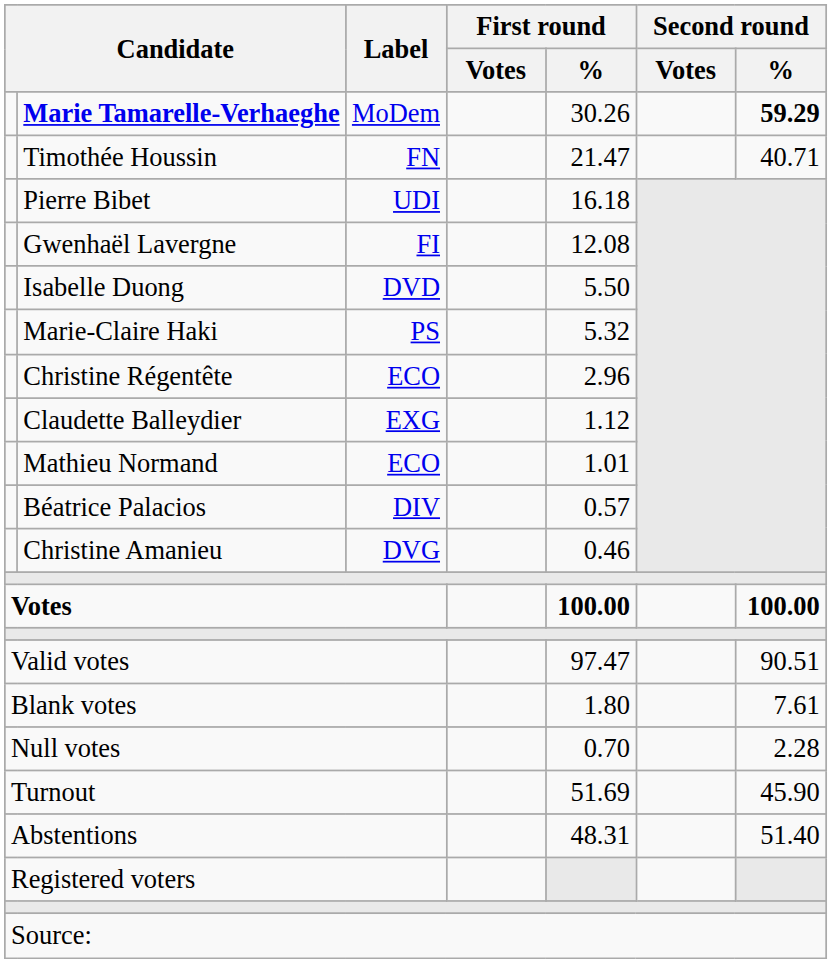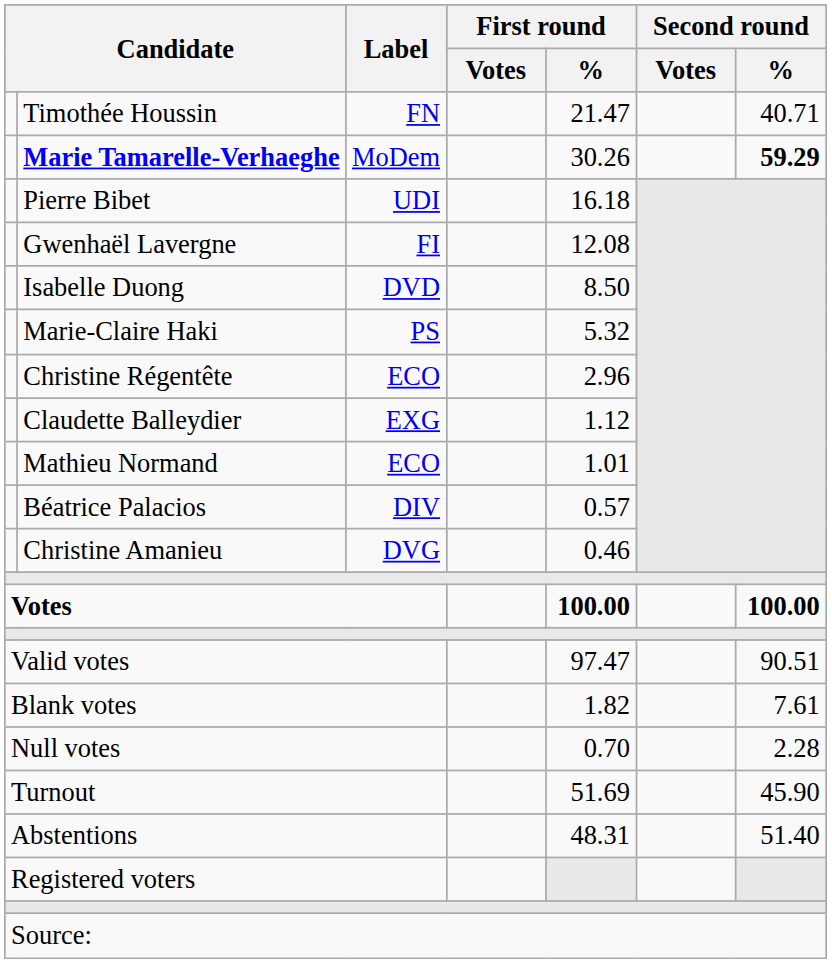 <table class="wikitable" style="text-align:right;font-size:95%;">
 <tr>
 <th rowspan="2" colspan="2">Candidate</th>
 <th rowspan="2">Label</th>
 <th colspan="2">First round</th>
 <th colspan="2">Second round</th>
 </tr>
 <tr>
 <th style="width:50px;">Votes</th>
 <th style="width:45px;">%</th>
 <th style="width:50px;">Votes</th>
 <th style="width:45px;">%</th>
 </tr>
 <tr>
 <td style="color:inherit;background:"></td>
+<td style="text-align:left;">Timothée Houssin</td>
+<td><a href='#'>FN</a></td>
+<td></td>
+<td>21.47</td>
+<td></td>
+<td>40.71</td>
+</tr>
+<tr>
+<td style="color:inherit;background:"></td>
 <td style="text-align:left;"><strong><a href='#'>Marie Tamarelle-Verhaeghe</a></strong></td>
 <td><a href='#'>MoDem</a></td>
 <td></td>
 <td>30.26</td>
 <td><strong></strong></td>
 <td><strong>59.29</strong></td>
-</tr>
-<tr>
-<td style="color:inherit;background:"></td>
-<td style="text-align:left;">Timothée Houssin</td>
-<td><a href='#'>FN</a></td>
-<td></td>
-<td>21.47</td>
-<td></td>
-<td>40.71</td>
 </tr>
 <tr>
 <td style="color:inherit;background:"></td>
 <td style="text-align:left;">Pierre Bibet</td>
 <td><a href='#'>UDI</a></td>
 <td></td>
 <td>16.18</td>
 <td colspan="2" rowspan="9" style="background:#E9E9E9;"></td>
 </tr>
 <tr>
 <td style="color:inherit;background:"></td>
 <td style="text-align:left;">Gwenhaël Lavergne</td>
 <td><a href='#'>FI</a></td>
 <td></td>
 <td>12.08</td>
 </tr>
 <tr>
 <td style="color:inherit;background:"></td>
 <td style="text-align:left;">Isabelle Duong</td>
 <td><a href='#'>DVD</a></td>
 <td></td>
-<td>5.50</td>
+<td>8.50</td>
 </tr>
 <tr>
 <td style="color:inherit;background:"></td>
 <td style="text-align:left;">Marie-Claire Haki</td>
 <td><a href='#'>PS</a></td>
 <td></td>
 <td>5.32</td>
 </tr>
 <tr>
 <td style="color:inherit;background:"></td>
 <td style="text-align:left;">Christine Régentête</td>
 <td><a href='#'>ECO</a></td>
 <td></td>
 <td>2.96</td>
 </tr>
 <tr>
 <td style="color:inherit;background:"></td>
 <td style="text-align:left;">Claudette Balleydier</td>
 <td><a href='#'>EXG</a></td>
 <td></td>
 <td>1.12</td>
 </tr>
 <tr>
 <td style="color:inherit;background:"></td>
 <td style="text-align:left;">Mathieu Normand</td>
 <td><a href='#'>ECO</a></td>
 <td></td>
 <td>1.01</td>
 </tr>
 <tr>
 <td style="color:inherit;background:"></td>
 <td style="text-align:left;">Béatrice Palacios</td>
 <td><a href='#'>DIV</a></td>
 <td></td>
 <td>0.57</td>
 </tr>
 <tr>
 <td style="color:inherit;background:"></td>
 <td style="text-align:left;">Christine Amanieu</td>
 <td><a href='#'>DVG</a></td>
 <td></td>
 <td>0.46</td>
 </tr>
 <tr>
 <td colspan="7" style="background:#E9E9E9;"></td>
 </tr>
 <tr style="font-weight:bold;">
 <td colspan="3" style="text-align:left;">Votes</td>
 <td></td>
 <td>100.00</td>
 <td></td>
 <td>100.00</td>
 </tr>
 <tr>
 <td colspan="7" style="background:#E9E9E9;"></td>
 </tr>
 <tr>
 <td colspan="3" style="text-align:left;">Valid votes</td>
 <td></td>
 <td>97.47</td>
 <td></td>
 <td>90.51</td>
 </tr>
 <tr>
 <td colspan="3" style="text-align:left;">Blank votes</td>
 <td></td>
-<td>1.80</td>
+<td>1.82</td>
 <td></td>
 <td>7.61</td>
 </tr>
 <tr>
 <td colspan="3" style="text-align:left;">Null votes</td>
 <td></td>
 <td>0.70</td>
 <td></td>
 <td>2.28</td>
 </tr>
 <tr>
 <td colspan="3" style="text-align:left;">Turnout</td>
 <td></td>
 <td>51.69</td>
 <td></td>
 <td>45.90</td>
 </tr>
 <tr>
 <td colspan="3" style="text-align:left;">Abstentions</td>
 <td></td>
 <td>48.31</td>
 <td></td>
 <td>51.40</td>
 </tr>
 <tr>
 <td colspan="3" style="text-align:left;">Registered voters</td>
 <td></td>
 <td style="background:#E9E9E9;"></td>
 <td></td>
 <td style="background:#E9E9E9;"></td>
 </tr>
 <tr>
 <td colspan="7" style="background:#E9E9E9;"></td>
 </tr>
 <tr>
 <td colspan="7" style="text-align:left;">Source: </td>
 </tr>
 </table>
